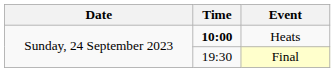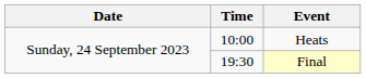 <table class = "wikitable" style="text-align:center;">
 <tr>
 <th width=220>Date</th>
 <th width=50>Time</th>
 <th width=100>Event</th>
 </tr>
 <tr>
 <td rowspan=2>Sunday, 24 September 2023</td>
-<td><strong>10:00</strong></td>
+<td>10:00</td>
 <td>Heats</td>
 </tr>
 <tr>
 <td>19:30</td>
 <td bgcolor=ffffcc>Final</td>
 </tr>
 </table>
